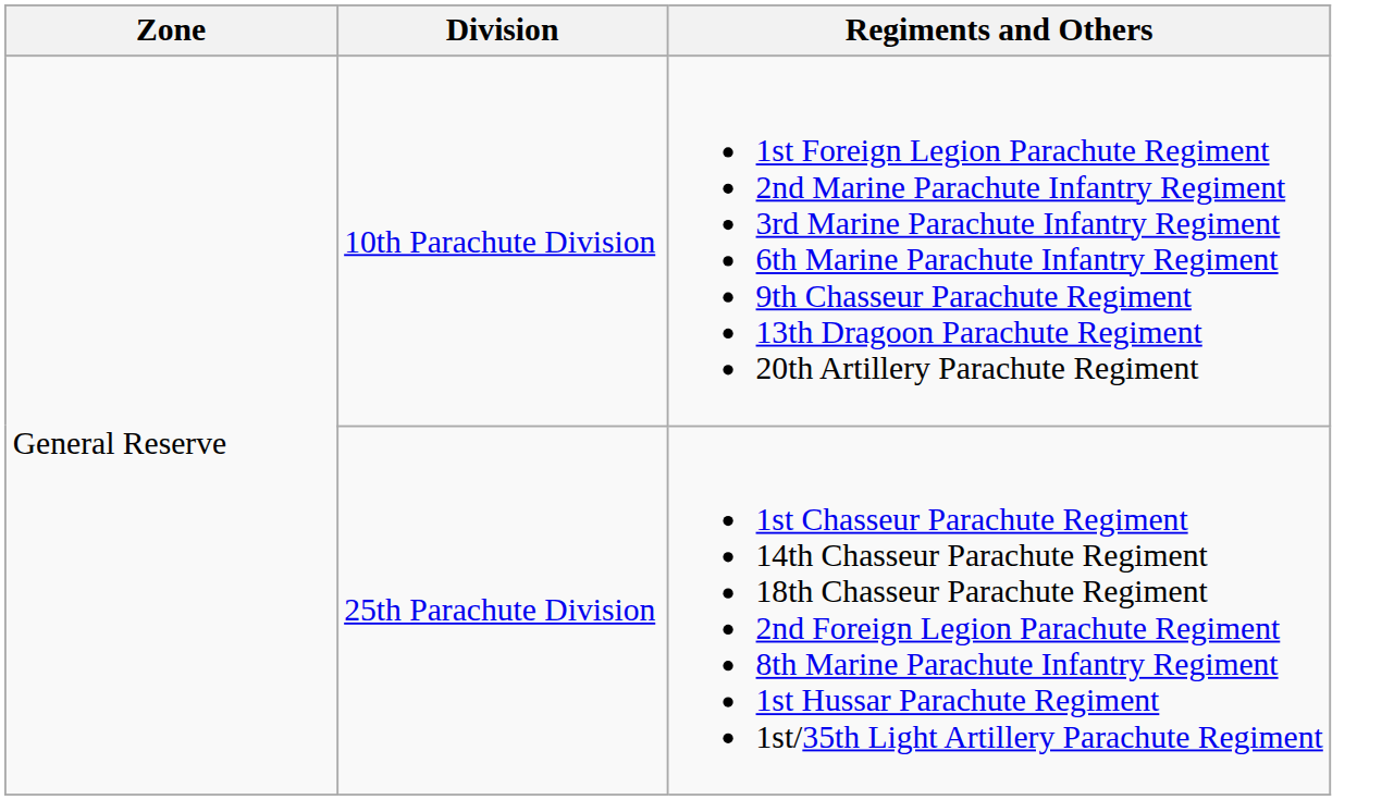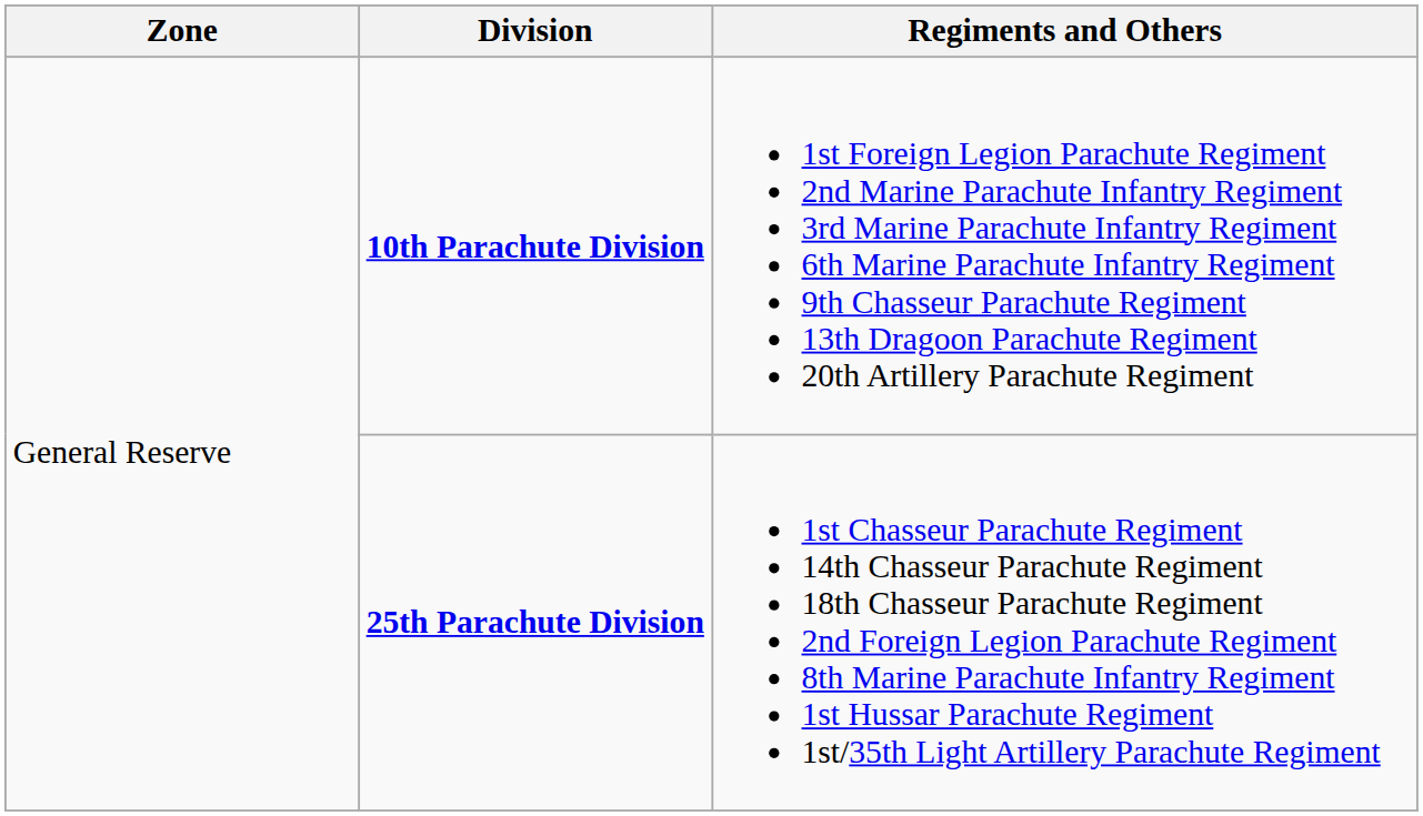 <table class="wikitable">
 <tr>
 <th width=25%>Zone</th>
 <th width=25%>Division</th>
 <th>Regiments and Others</th>
 </tr>
 <tr>
 <td rowspan=2><br>General Reserve</td>
-<td><a href='#'>10th Parachute Division</a></td>
+<td><strong><a href='#'>10th Parachute Division</a></strong></td>
 <td><br><ul><li><a href='#'>1st Foreign Legion Parachute Regiment</a></li><li><a href='#'>2nd Marine Parachute Infantry Regiment</a></li><li><a href='#'>3rd Marine Parachute Infantry Regiment</a></li><li><a href='#'>6th Marine Parachute Infantry Regiment</a></li><li><a href='#'>9th Chasseur Parachute Regiment</a></li><li><a href='#'>13th Dragoon Parachute Regiment</a></li><li>20th Artillery Parachute Regiment</li></ul></td>
 </tr>
 <tr>
-<td><a href='#'>25th Parachute Division</a></td>
+<td><strong><a href='#'>25th Parachute Division</a></strong></td>
 <td><br><ul><li><a href='#'>1st Chasseur Parachute Regiment</a></li><li>14th Chasseur Parachute Regiment</li><li>18th Chasseur Parachute Regiment</li><li><a href='#'>2nd Foreign Legion Parachute Regiment</a></li><li><a href='#'>8th Marine Parachute Infantry Regiment</a></li><li><a href='#'>1st Hussar Parachute Regiment</a></li><li>1st/<a href='#'>35th Light Artillery Parachute Regiment</a></li></ul></td>
 </tr>
 </table>
